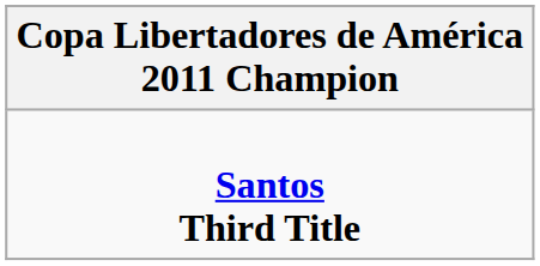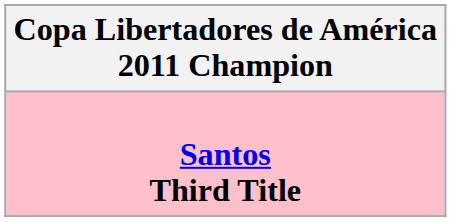 <table class="wikitable" style="text-align: center; margin: 0 auto;">
 <tr>
 <th>Copa Libertadores de América<br>2011 Champion</th>
 </tr>
 <tr>
-<td><br><strong><a href='#'>Santos</a></strong><br><strong>Third Title</strong></td>
+<td style="background: pink;"><br><strong><a href='#'>Santos</a></strong><br><strong>Third Title</strong></td>
 </tr>
 </table>
